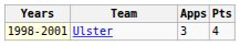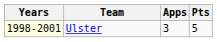 <table class="wikitable" style="text-align:left;">
 <tr>
 <th>Years</th>
 <th width=120px>Team</th>
 <th>Apps</th>
 <th>Pts</th>
 </tr>
 <tr>
 <td style="background: lightyellow;">1998-2001</td>
 <td><a href='#'>Ulster</a></td>
 <td>3</td>
-<td>4</td>
+<td>5</td>
 </tr>
 </table>
